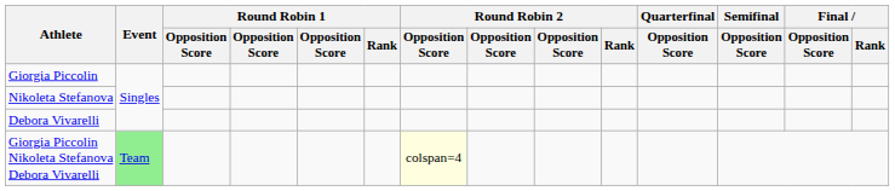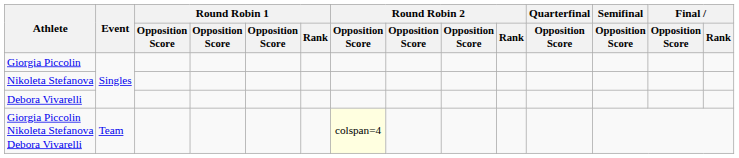 <table class=wikitable style="font-size:90%">
 <tr>
 <th rowspan=2>Athlete</th>
 <th rowspan=2>Event</th>
 <th colspan=4>Round Robin 1</th>
 <th colspan=4>Round Robin 2</th>
 <th>Quarterfinal</th>
 <th>Semifinal</th>
 <th colspan=2>Final / </th>
 </tr>
 <tr style="font-size:95%">
 <th>Opposition<br>Score</th>
 <th>Opposition<br>Score</th>
 <th>Opposition<br>Score</th>
 <th>Rank</th>
 <th>Opposition<br>Score</th>
 <th>Opposition<br>Score</th>
 <th>Opposition<br>Score</th>
 <th>Rank</th>
 <th>Opposition<br>Score</th>
 <th>Opposition<br>Score</th>
 <th>Opposition<br>Score</th>
 <th>Rank</th>
 </tr>
 <tr align=center>
 <td align=left><a href='#'>Giorgia Piccolin</a></td>
 <td align=left rowspan=3><a href='#'>Singles</a></td>
 <td></td>
 <td></td>
 <td></td>
 <td></td>
 <td></td>
 <td></td>
 <td></td>
 <td></td>
 <td></td>
 <td></td>
 <td></td>
 <td></td>
 </tr>
 <tr align=center>
 <td align=left><a href='#'>Nikoleta Stefanova</a></td>
 <td></td>
 <td></td>
 <td></td>
 <td></td>
 <td></td>
 <td></td>
 <td></td>
 <td></td>
 <td></td>
 <td></td>
 <td></td>
 <td></td>
 </tr>
 <tr align=center>
 <td align=left><a href='#'>Debora Vivarelli</a></td>
 <td></td>
 <td></td>
 <td></td>
 <td></td>
 <td></td>
 <td></td>
 <td></td>
 <td></td>
 <td></td>
 <td></td>
 <td></td>
 <td></td>
 </tr>
 <tr align=center>
 <td align=left><a href='#'>Giorgia Piccolin</a><br><a href='#'>Nikoleta Stefanova</a><br><a href='#'>Debora Vivarelli</a></td>
-<td align=left style="background: lightgreen;"><a href='#'>Team</a></td>
+<td align=left><a href='#'>Team</a></td>
 <td></td>
 <td></td>
 <td></td>
 <td></td>
 <td style="background: lightyellow;">colspan=4 </td>
 <td></td>
 <td></td>
 <td></td>
 <td></td>
 </tr>
 </table>
